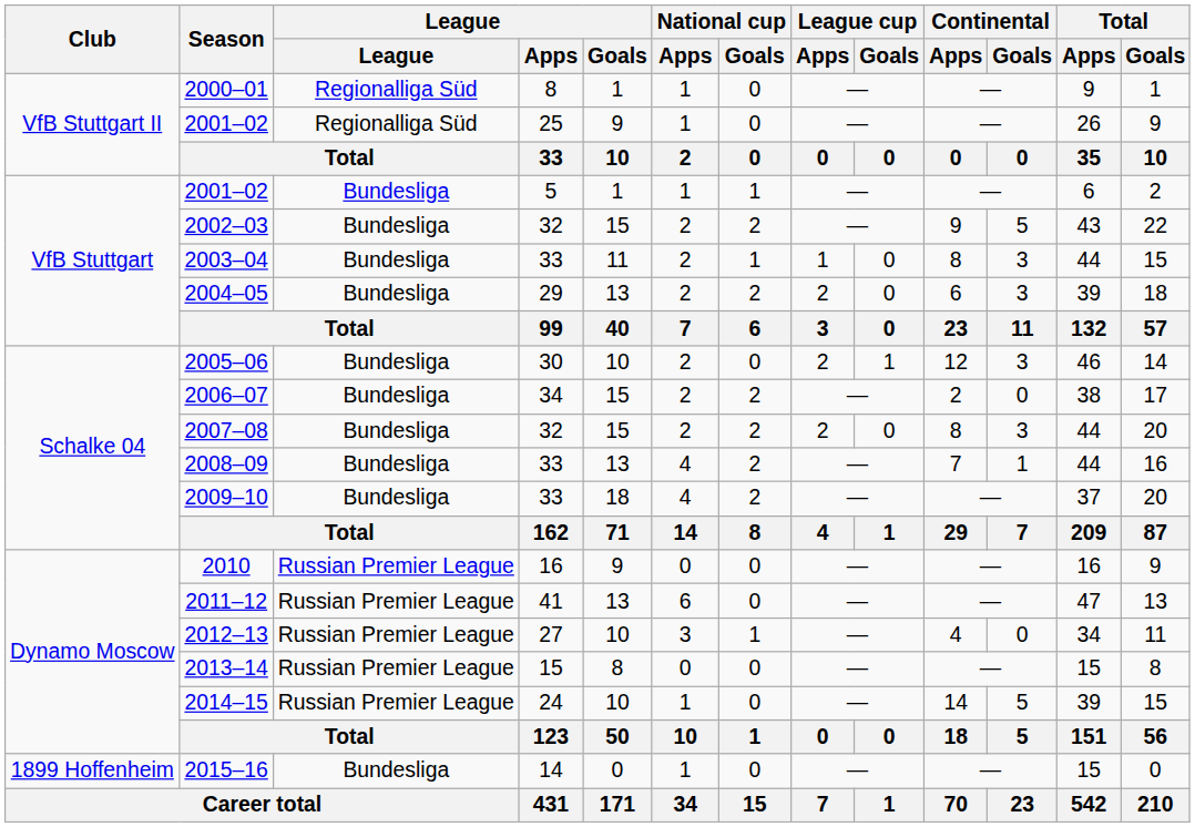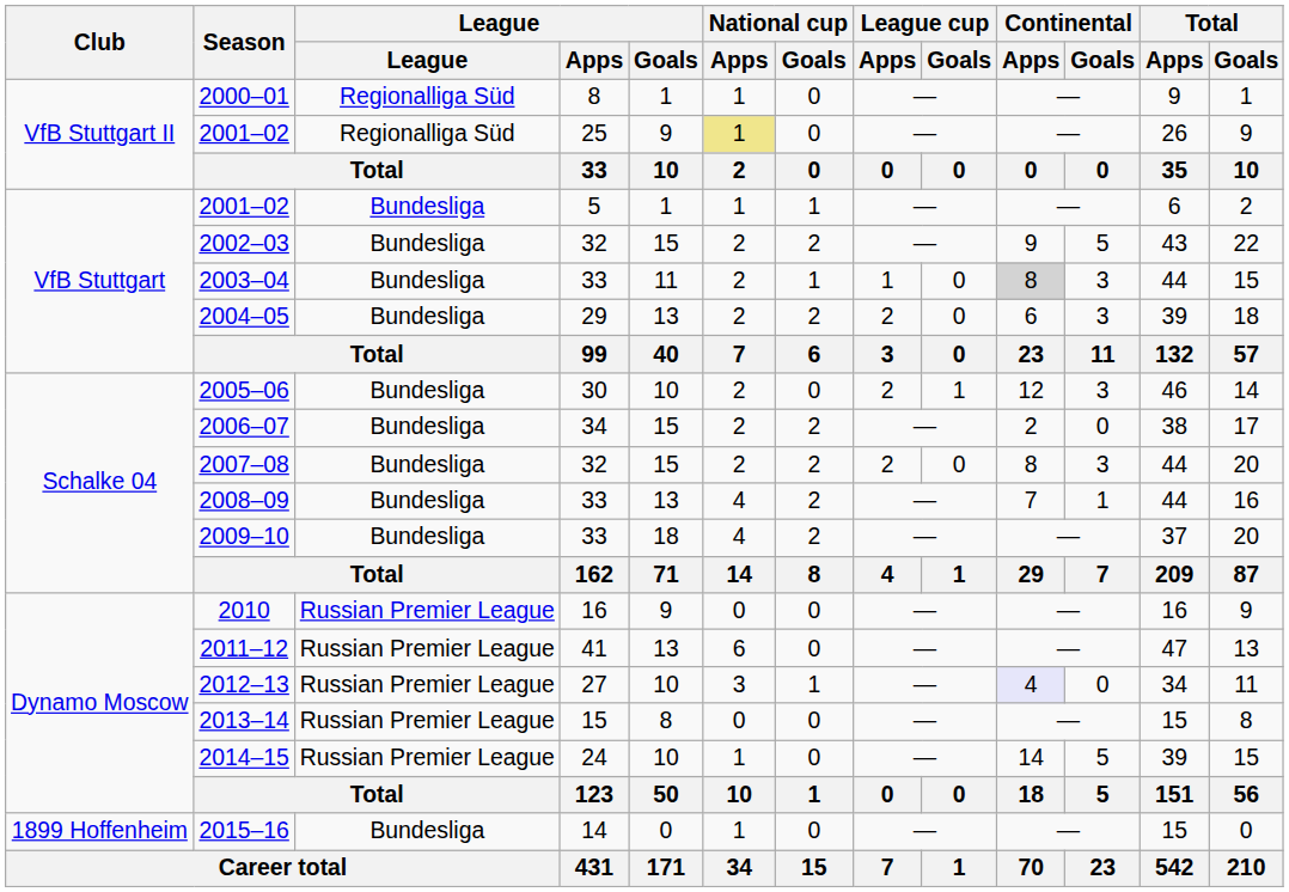 <table class="wikitable" style="text-align:center">
 <tr>
 <th rowspan="2">Club</th>
 <th rowspan="2">Season</th>
 <th colspan="3">League</th>
 <th colspan="2">National cup</th>
 <th colspan="2">League cup</th>
 <th colspan="2">Continental</th>
 <th colspan="2">Total</th>
 </tr>
 <tr>
 <th>League</th>
 <th>Apps</th>
 <th>Goals</th>
 <th>Apps</th>
 <th>Goals</th>
 <th>Apps</th>
 <th>Goals</th>
 <th>Apps</th>
 <th>Goals</th>
 <th>Apps</th>
 <th>Goals</th>
 </tr>
 <tr>
 <td rowspan="3"><a href='#'>VfB Stuttgart II</a></td>
 <td><a href='#'>2000–01</a></td>
 <td><a href='#'>Regionalliga Süd</a></td>
 <td>8</td>
 <td>1</td>
 <td>1</td>
 <td>0</td>
 <td colspan="2">—</td>
 <td colspan="2">—</td>
 <td>9</td>
 <td>1</td>
 </tr>
 <tr>
 <td><a href='#'>2001–02</a></td>
 <td>Regionalliga Süd</td>
 <td>25</td>
 <td>9</td>
-<td>1</td>
+<td style="background: khaki;">1</td>
 <td>0</td>
 <td colspan="2">—</td>
 <td colspan="2">—</td>
 <td>26</td>
 <td>9</td>
 </tr>
 <tr>
 <th colspan="2">Total</th>
 <th>33</th>
 <th>10</th>
 <th>2</th>
 <th>0</th>
 <th>0</th>
 <th>0</th>
 <th>0</th>
 <th>0</th>
 <th>35</th>
 <th>10</th>
 </tr>
 <tr>
 <td rowspan="5"><a href='#'>VfB Stuttgart</a></td>
 <td><a href='#'>2001–02</a></td>
 <td><a href='#'>Bundesliga</a></td>
 <td>5</td>
 <td>1</td>
 <td>1</td>
 <td>1</td>
 <td colspan="2">—</td>
 <td colspan="2">—</td>
 <td>6</td>
 <td>2</td>
 </tr>
 <tr>
 <td><a href='#'>2002–03</a></td>
 <td>Bundesliga</td>
 <td>32</td>
 <td>15</td>
 <td>2</td>
 <td>2</td>
 <td colspan="2">—</td>
 <td>9</td>
 <td>5</td>
 <td>43</td>
 <td>22</td>
 </tr>
 <tr>
 <td><a href='#'>2003–04</a></td>
 <td>Bundesliga</td>
 <td>33</td>
 <td>11</td>
 <td>2</td>
 <td>1</td>
 <td>1</td>
 <td>0</td>
-<td>8</td>
+<td style="background: lightgrey;">8</td>
 <td>3</td>
 <td>44</td>
 <td>15</td>
 </tr>
 <tr>
 <td><a href='#'>2004–05</a></td>
 <td>Bundesliga</td>
 <td>29</td>
 <td>13</td>
 <td>2</td>
 <td>2</td>
 <td>2</td>
 <td>0</td>
 <td>6</td>
 <td>3</td>
 <td>39</td>
 <td>18</td>
 </tr>
 <tr>
 <th colspan="2">Total</th>
 <th>99</th>
 <th>40</th>
 <th>7</th>
 <th>6</th>
 <th>3</th>
 <th>0</th>
 <th>23</th>
 <th>11</th>
 <th>132</th>
 <th>57</th>
 </tr>
 <tr>
 <td rowspan="6"><a href='#'>Schalke 04</a></td>
 <td><a href='#'>2005–06</a></td>
 <td>Bundesliga</td>
 <td>30</td>
 <td>10</td>
 <td>2</td>
 <td>0</td>
 <td>2</td>
 <td>1</td>
 <td>12</td>
 <td>3</td>
 <td>46</td>
 <td>14</td>
 </tr>
 <tr>
 <td><a href='#'>2006–07</a></td>
 <td>Bundesliga</td>
 <td>34</td>
 <td>15</td>
 <td>2</td>
 <td>2</td>
 <td colspan="2">—</td>
 <td>2</td>
 <td>0</td>
 <td>38</td>
 <td>17</td>
 </tr>
 <tr>
 <td><a href='#'>2007–08</a></td>
 <td>Bundesliga</td>
 <td>32</td>
 <td>15</td>
 <td>2</td>
 <td>2</td>
 <td>2</td>
 <td>0</td>
 <td>8</td>
 <td>3</td>
 <td>44</td>
 <td>20</td>
 </tr>
 <tr>
 <td><a href='#'>2008–09</a></td>
 <td>Bundesliga</td>
 <td>33</td>
 <td>13</td>
 <td>4</td>
 <td>2</td>
 <td colspan="2">—</td>
 <td>7</td>
 <td>1</td>
 <td>44</td>
 <td>16</td>
 </tr>
 <tr>
 <td><a href='#'>2009–10</a></td>
 <td>Bundesliga</td>
 <td>33</td>
 <td>18</td>
 <td>4</td>
 <td>2</td>
 <td colspan="2">—</td>
 <td colspan="2">—</td>
 <td>37</td>
 <td>20</td>
 </tr>
 <tr>
 <th colspan="2">Total</th>
 <th>162</th>
 <th>71</th>
 <th>14</th>
 <th>8</th>
 <th>4</th>
 <th>1</th>
 <th>29</th>
 <th>7</th>
 <th>209</th>
 <th>87</th>
 </tr>
 <tr>
 <td rowspan="6"><a href='#'>Dynamo Moscow</a></td>
 <td><a href='#'>2010</a></td>
 <td><a href='#'>Russian Premier League</a></td>
 <td>16</td>
 <td>9</td>
 <td>0</td>
 <td>0</td>
 <td colspan="2">—</td>
 <td colspan="2">—</td>
 <td>16</td>
 <td>9</td>
 </tr>
 <tr>
 <td><a href='#'>2011–12</a></td>
 <td>Russian Premier League</td>
 <td>41</td>
 <td>13</td>
 <td>6</td>
 <td>0</td>
 <td colspan="2">—</td>
 <td colspan="2">—</td>
 <td>47</td>
 <td>13</td>
 </tr>
 <tr>
 <td><a href='#'>2012–13</a></td>
 <td>Russian Premier League</td>
 <td>27</td>
 <td>10</td>
 <td>3</td>
 <td>1</td>
 <td colspan="2">—</td>
-<td>4</td>
+<td style="background: lavender;">4</td>
 <td>0</td>
 <td>34</td>
 <td>11</td>
 </tr>
 <tr>
 <td><a href='#'>2013–14</a></td>
 <td>Russian Premier League</td>
 <td>15</td>
 <td>8</td>
 <td>0</td>
 <td>0</td>
 <td colspan="2">—</td>
 <td colspan="2">—</td>
 <td>15</td>
 <td>8</td>
 </tr>
 <tr>
 <td><a href='#'>2014–15</a></td>
 <td>Russian Premier League</td>
 <td>24</td>
 <td>10</td>
 <td>1</td>
 <td>0</td>
 <td colspan="2">—</td>
 <td>14</td>
 <td>5</td>
 <td>39</td>
 <td>15</td>
 </tr>
 <tr>
 <th colspan="2">Total</th>
 <th>123</th>
 <th>50</th>
 <th>10</th>
 <th>1</th>
 <th>0</th>
 <th>0</th>
 <th>18</th>
 <th>5</th>
 <th>151</th>
 <th>56</th>
 </tr>
 <tr>
 <td><a href='#'>1899 Hoffenheim</a></td>
 <td><a href='#'>2015–16</a></td>
 <td>Bundesliga</td>
 <td>14</td>
 <td>0</td>
 <td>1</td>
 <td>0</td>
 <td colspan="2">—</td>
 <td colspan="2">—</td>
 <td>15</td>
 <td>0</td>
 </tr>
 <tr>
 <th colspan="3">Career total</th>
 <th>431</th>
 <th>171</th>
 <th>34</th>
 <th>15</th>
 <th>7</th>
 <th>1</th>
 <th>70</th>
 <th>23</th>
 <th>542</th>
 <th>210</th>
 </tr>
 </table>
